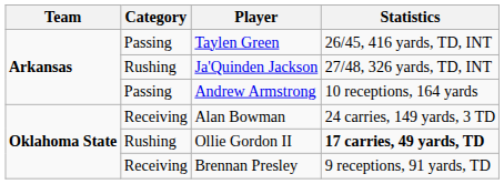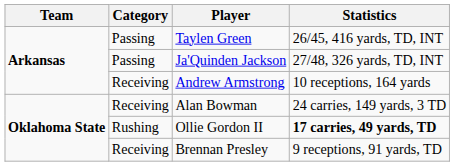 <table class="wikitable" style="float: right;">
 <tr>
 <th>Team</th>
 <th>Category</th>
 <th>Player</th>
 <th>Statistics</th>
 </tr>
 <tr>
 <td rowspan=3><strong>Arkansas</strong></td>
 <td>Passing</td>
 <td><a href='#'>Taylen Green</a></td>
 <td>26/45, 416 yards, TD, INT</td>
 </tr>
 <tr>
-<td>Rushing</td>
+<td>Passing</td>
 <td><a href='#'>Ja'Quinden Jackson</a></td>
 <td>27/48, 326 yards, TD, INT</td>
 </tr>
 <tr>
-<td>Passing</td>
+<td>Receiving</td>
 <td><a href='#'>Andrew Armstrong</a></td>
 <td>10 receptions, 164 yards</td>
 </tr>
 <tr>
 <td rowspan=3><strong>Oklahoma State</strong></td>
 <td>Receiving</td>
 <td>Alan Bowman</td>
 <td>24 carries, 149 yards, 3 TD</td>
 </tr>
 <tr>
 <td>Rushing</td>
 <td>Ollie Gordon II</td>
 <td><strong>17 carries, 49 yards, TD</strong></td>
 </tr>
 <tr>
 <td>Receiving</td>
 <td>Brennan Presley</td>
 <td>9 receptions, 91 yards, TD</td>
 </tr>
 </table>
